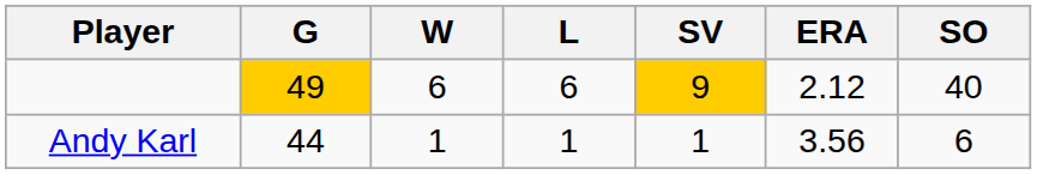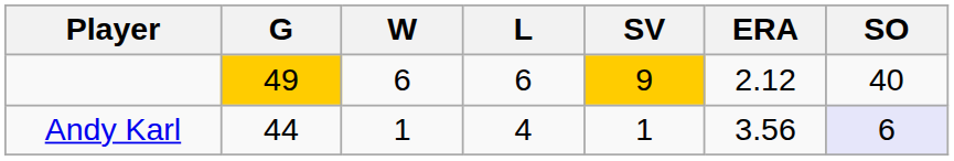 <table class="wikitable sortable">
 <tr>
 <th bgcolor="#DDDDFF" width="16%">Player</th>
 <th bgcolor="#DDDDFF" width="9%">G</th>
 <th bgcolor="#DDDDFF" width="9%">W</th>
 <th bgcolor="#DDDDFF" width="9%">L</th>
 <th bgcolor="#DDDDFF" width="9%">SV</th>
 <th bgcolor="#DDDDFF" width="9%">ERA</th>
 <th bgcolor="#DDDDFF" width="9%">SO</th>
 </tr>
 <tr align="center">
 <td></td>
 <td style="background:#fc0;">49</td>
 <td>6</td>
 <td>6</td>
 <td style="background:#fc0;">9</td>
 <td>2.12</td>
 <td>40</td>
 </tr>
 <tr align="center">
 <td><a href='#'>Andy Karl</a></td>
 <td>44</td>
 <td>1</td>
-<td>1</td>
+<td>4</td>
 <td>1</td>
 <td>3.56</td>
-<td>6</td>
+<td style="background: lavender;">6</td>
 </tr>
 </table>
